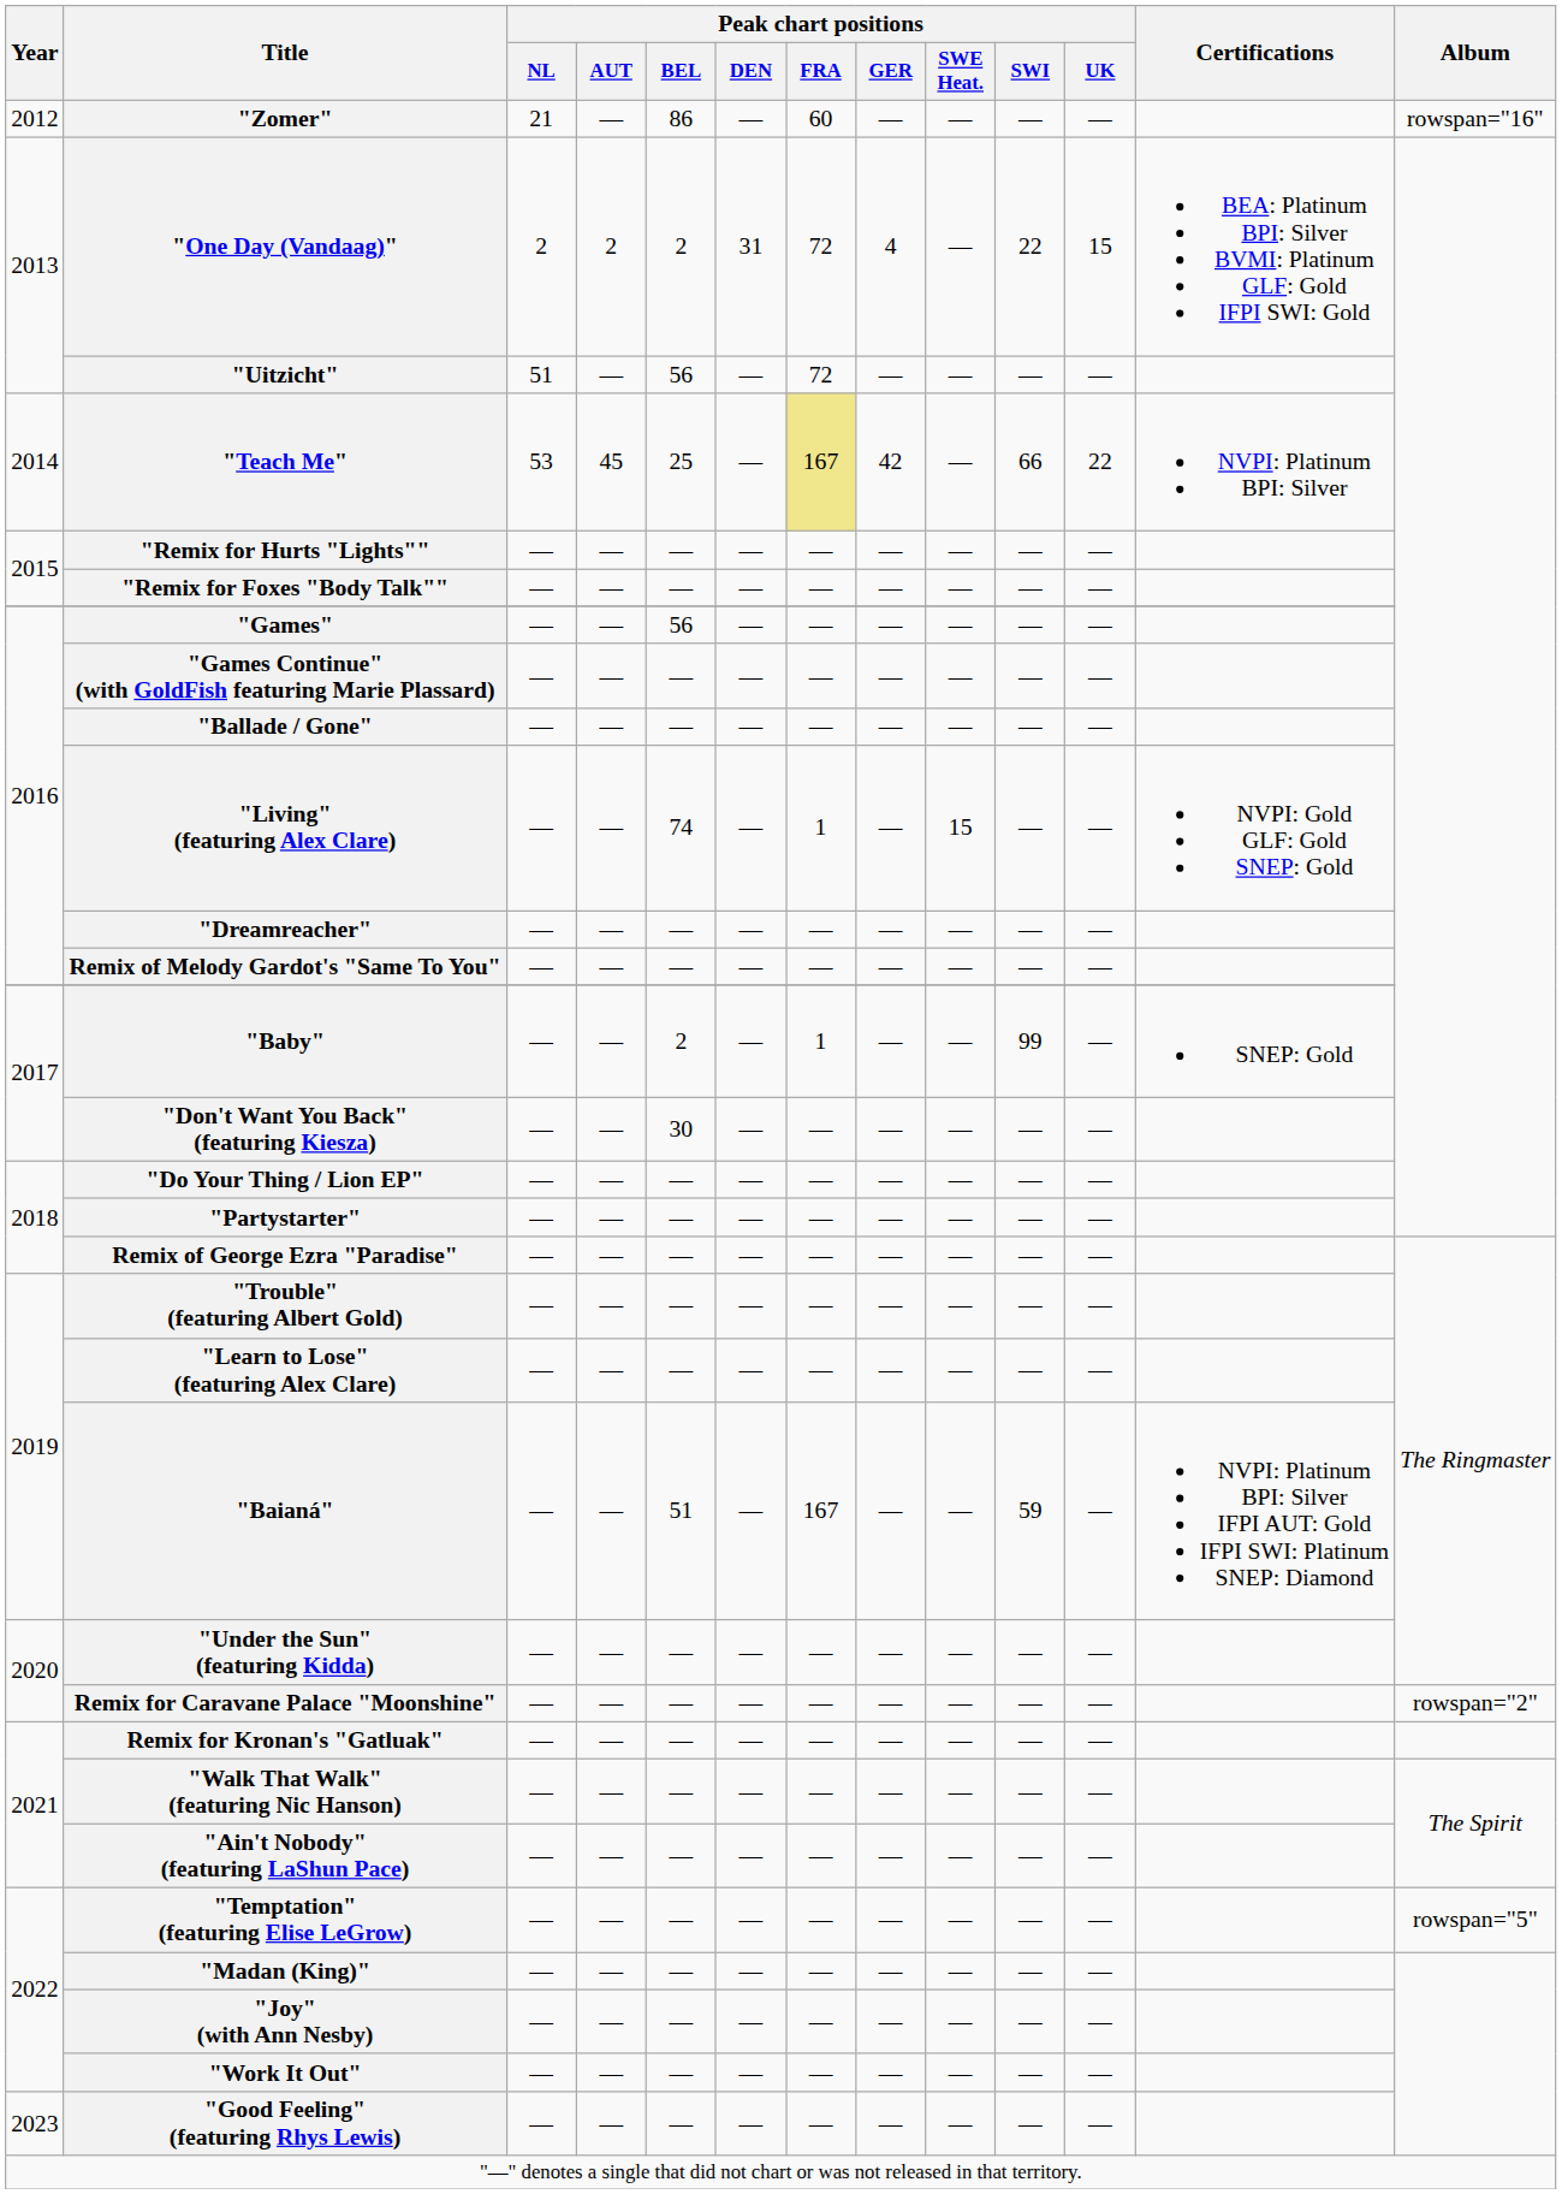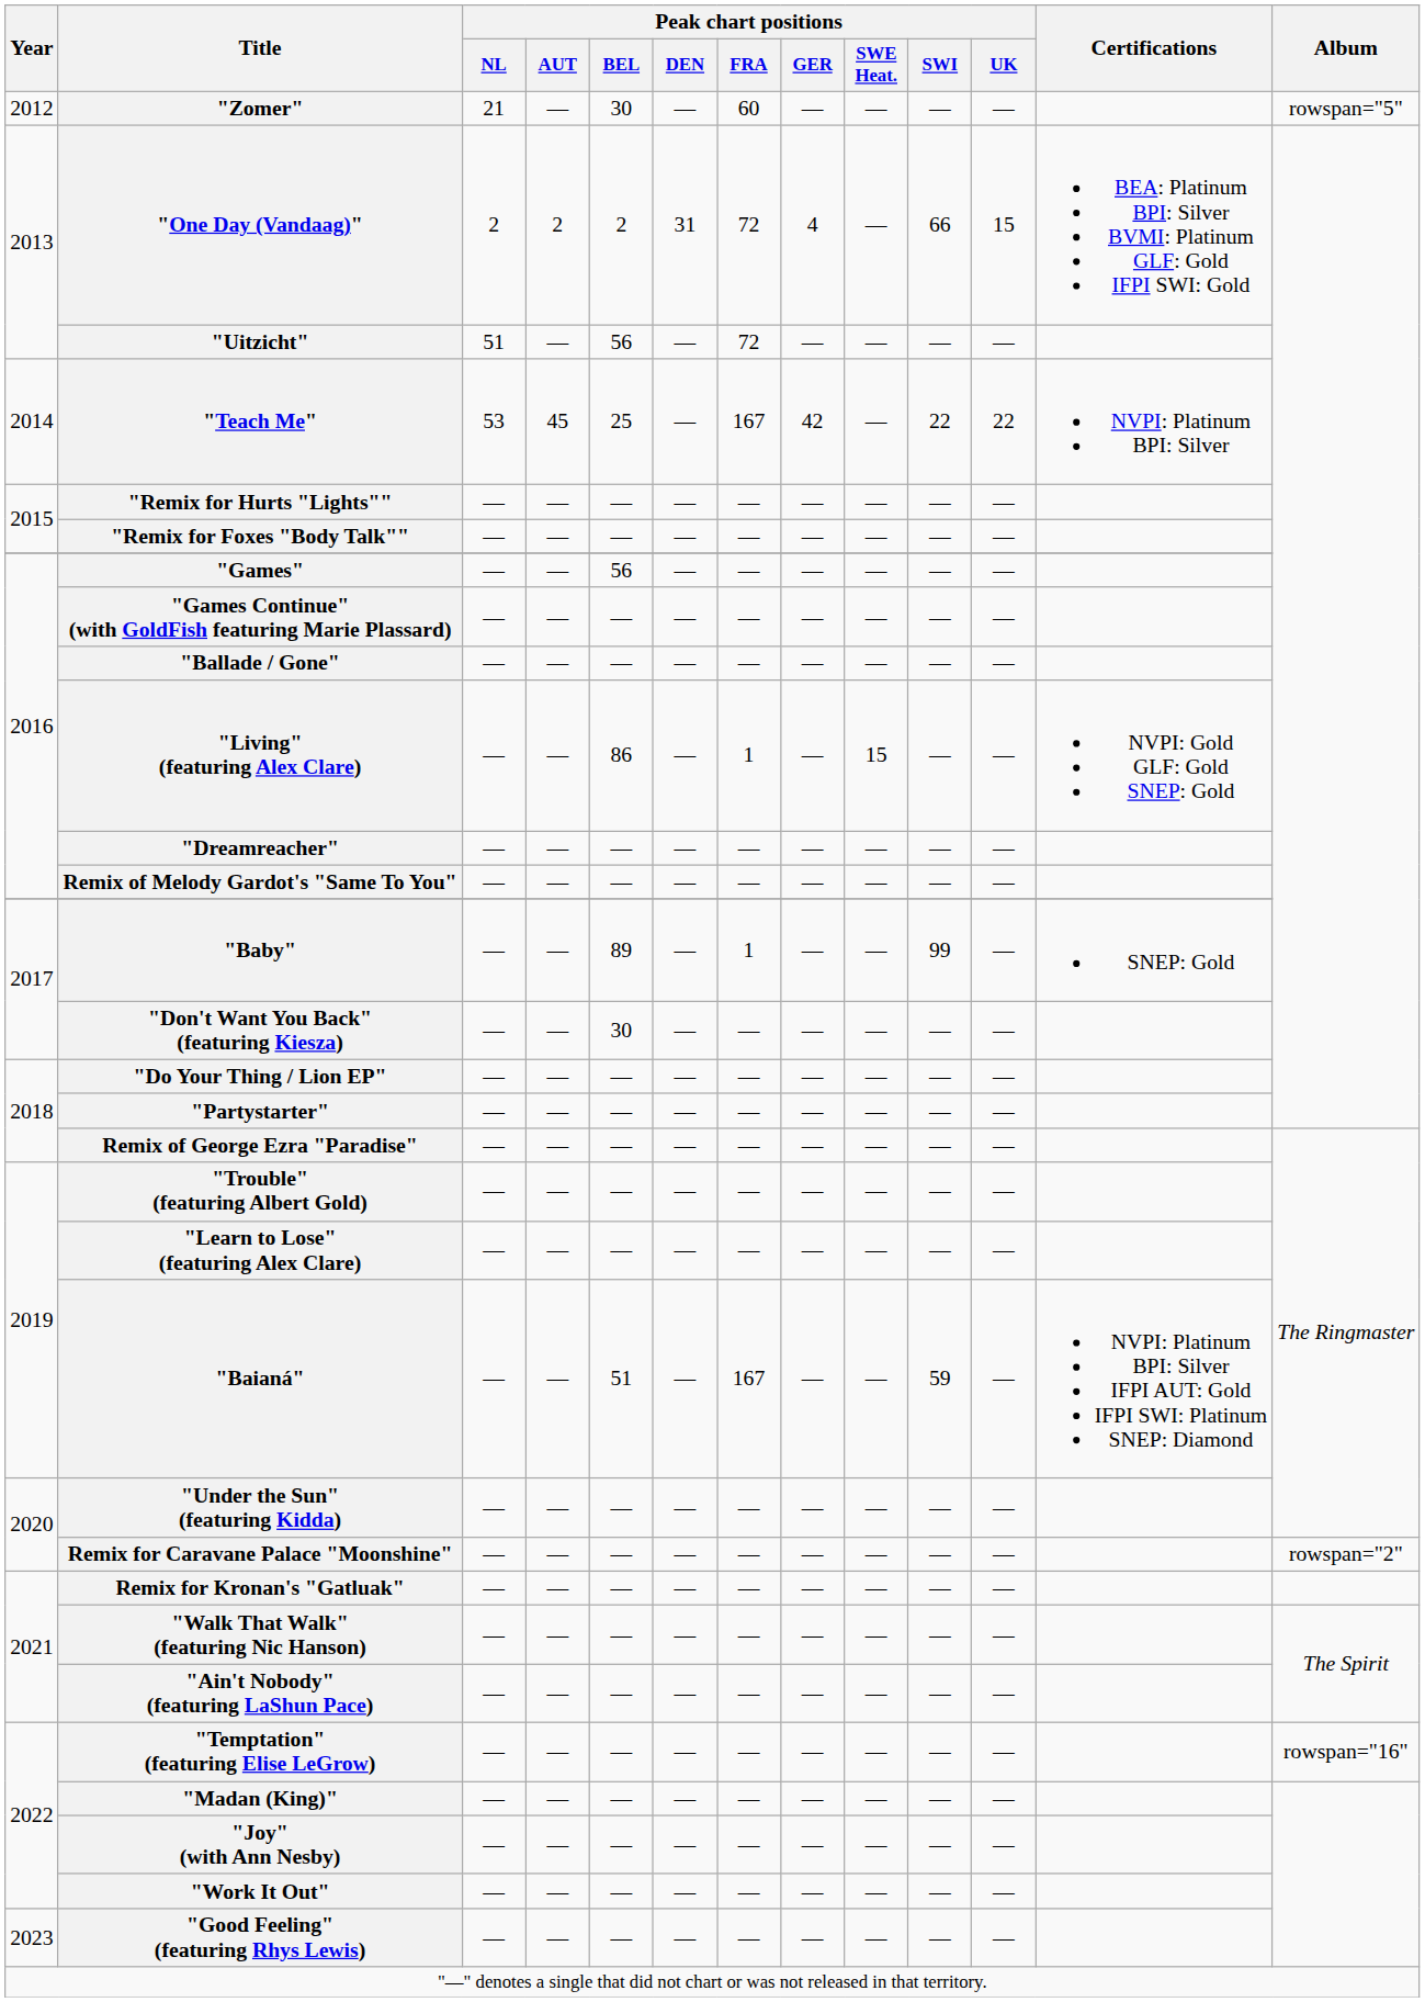 <table class="wikitable plainrowheaders" style="text-align:center;">
 <tr>
 <th scope="col" rowspan="2">Year</th>
 <th scope="col" rowspan="2">Title</th>
 <th scope="col" colspan="9">Peak chart positions</th>
 <th rowspan="2">Certifications</th>
 <th scope="col" rowspan="2">Album</th>
 </tr>
 <tr>
 <th scope="col" style="width:3em;font-size:85%;"><a href='#'>NL</a><br></th>
 <th scope="col" style="width:3em;font-size:85%;"><a href='#'>AUT</a><br></th>
 <th scope="col" style="width:3em;font-size:85%;"><a href='#'>BEL</a><br></th>
 <th scope="col" style="width:3em;font-size:85%;"><a href='#'>DEN</a><br></th>
 <th scope="col" style="width:3em;font-size:85%;"><a href='#'>FRA</a><br></th>
 <th scope="col" style="width:3em;font-size:85%;"><a href='#'>GER</a><br></th>
 <th scope="col" style="width:3em;font-size:85%;"><a href='#'>SWE<br>Heat.</a><br></th>
 <th scope="col" style="width:3em;font-size:85%;"><a href='#'>SWI</a><br></th>
 <th scope="col" style="width:3em;font-size:85%;"><a href='#'>UK</a><br></th>
 </tr>
 <tr>
 <td>2012</td>
 <th scope="row">"Zomer"</th>
 <td>21</td>
 <td>—</td>
-<td>86</td>
+<td>30</td>
 <td>—</td>
 <td>60</td>
 <td>—</td>
 <td>—</td>
 <td>—</td>
 <td>—</td>
 <td></td>
-<td>rowspan="16" </td>
+<td>rowspan="5" </td>
 </tr>
 <tr>
 <td rowspan="2">2013</td>
 <th scope="row">"<a href='#'>One Day (Vandaag)</a>"</th>
 <td>2</td>
 <td>2</td>
 <td>2</td>
 <td>31</td>
 <td>72<br></td>
 <td>4</td>
 <td>—</td>
-<td>22</td>
+<td>66</td>
 <td>15</td>
 <td><br><ul><li><a href='#'>BEA</a>: Platinum</li><li><a href='#'>BPI</a>: Silver</li><li><a href='#'>BVMI</a>: Platinum</li><li><a href='#'>GLF</a>: Gold</li><li><a href='#'>IFPI</a> SWI: Gold</li></ul></td>
 </tr>
 <tr>
 <th scope="row">"Uitzicht"</th>
 <td>51</td>
 <td>—</td>
 <td>56</td>
 <td>—</td>
 <td>72<br></td>
 <td>—</td>
 <td>—</td>
 <td>—</td>
 <td>—</td>
 <td></td>
 </tr>
 <tr>
 <td>2014</td>
 <th scope="row">"<a href='#'>Teach Me</a>"</th>
 <td>53</td>
 <td>45</td>
 <td>25</td>
 <td>—</td>
-<td style="background: khaki;">167</td>
+<td>167</td>
 <td>42</td>
 <td>—</td>
-<td>66</td>
+<td>22</td>
 <td>22</td>
 <td><br><ul><li><a href='#'>NVPI</a>: Platinum</li><li>BPI: Silver</li></ul></td>
 </tr>
 <tr>
 <td rowspan="2">2015</td>
 <th scope="row">"Remix for Hurts "Lights""</th>
 <td>—</td>
 <td>—</td>
 <td>—</td>
 <td>—</td>
 <td>—</td>
 <td>—</td>
 <td>—</td>
 <td>—</td>
 <td>—</td>
 <td></td>
 </tr>
 <tr>
 <th scope="row">"Remix for Foxes "Body Talk""</th>
 <td>—</td>
 <td>—</td>
 <td>—</td>
 <td>—</td>
 <td>—</td>
 <td>—</td>
 <td>—</td>
 <td>—</td>
 <td>—</td>
 <td></td>
 </tr>
 <tr>
 </tr>
 <tr>
 <td rowspan="6">2016</td>
 <th scope="row">"Games"</th>
 <td>—</td>
 <td>—</td>
 <td>56</td>
 <td>—</td>
 <td>—</td>
 <td>—</td>
 <td>—</td>
 <td>—</td>
 <td>—</td>
 <td></td>
 </tr>
 <tr>
 <th scope="row">"Games Continue"<br><span>(with <a href='#'>GoldFish</a> featuring Marie Plassard)</span></th>
 <td>—</td>
 <td>—</td>
 <td>—</td>
 <td>—</td>
 <td>—</td>
 <td>—</td>
 <td>—</td>
 <td>—</td>
 <td>—</td>
 <td></td>
 </tr>
 <tr>
 <th scope="row">"Ballade / Gone"</th>
 <td>—</td>
 <td>—</td>
 <td>—</td>
 <td>—</td>
 <td>—</td>
 <td>—</td>
 <td>—</td>
 <td>—</td>
 <td>—</td>
 <td></td>
 </tr>
 <tr>
 <th scope="row">"Living"<br><span>(featuring <a href='#'>Alex Clare</a>)</span></th>
 <td>—</td>
 <td>—</td>
-<td>74</td>
+<td>86</td>
 <td>—</td>
 <td>1</td>
 <td>—</td>
 <td>15</td>
 <td>—</td>
 <td>—</td>
 <td><br><ul><li>NVPI: Gold</li><li>GLF: Gold</li><li><a href='#'>SNEP</a>: Gold</li></ul></td>
 </tr>
 <tr>
 <th scope="row">"Dreamreacher"</th>
 <td>—</td>
 <td>—</td>
 <td>—</td>
 <td>—</td>
 <td>—</td>
 <td>—</td>
 <td>—</td>
 <td>—</td>
 <td>—</td>
 <td></td>
 </tr>
 <tr>
 <th scope="row">Remix of Melody Gardot's "Same To You"</th>
 <td>—</td>
 <td>—</td>
 <td>—</td>
 <td>—</td>
 <td>—</td>
 <td>—</td>
 <td>—</td>
 <td>—</td>
 <td>—</td>
 <td></td>
 </tr>
 <tr>
 </tr>
 <tr>
 <td rowspan="2">2017</td>
 <th scope="row">"Baby"</th>
 <td>—</td>
 <td>—</td>
-<td>2</td>
+<td>89</td>
 <td>—</td>
 <td>1</td>
 <td>—</td>
 <td>—</td>
 <td>99</td>
 <td>—</td>
 <td><br><ul><li>SNEP: Gold</li></ul></td>
 </tr>
 <tr>
 <th scope="row">"Don't Want You Back"<br><span>(featuring <a href='#'>Kiesza</a>)</span></th>
 <td>—</td>
 <td>—</td>
 <td>30</td>
 <td>—</td>
 <td>—</td>
 <td>—</td>
 <td>—</td>
 <td>—</td>
 <td>—</td>
 <td></td>
 </tr>
 <tr>
 <td rowspan="3">2018</td>
 <th scope="row">"Do Your Thing / Lion EP"</th>
 <td>—</td>
 <td>—</td>
 <td>—</td>
 <td>—</td>
 <td>—</td>
 <td>—</td>
 <td>—</td>
 <td>—</td>
 <td>—</td>
 <td></td>
 </tr>
 <tr>
 <th scope="row">"Partystarter"</th>
 <td>—</td>
 <td>—</td>
 <td>—</td>
 <td>—</td>
 <td>—</td>
 <td>—</td>
 <td>—</td>
 <td>—</td>
 <td>—</td>
 <td></td>
 </tr>
 <tr>
 <th scope="row">Remix of George Ezra "Paradise"</th>
 <td>—</td>
 <td>—</td>
 <td>—</td>
 <td>—</td>
 <td>—</td>
 <td>—</td>
 <td>—</td>
 <td>—</td>
 <td>—</td>
 <td></td>
 <td rowspan="5"><em>The Ringmaster</em></td>
 </tr>
 <tr>
 <td rowspan="3">2019</td>
 <th scope="row">"Trouble"<br><span>(featuring Albert Gold)</span></th>
 <td>—</td>
 <td>—</td>
 <td>—</td>
 <td>—</td>
 <td>—</td>
 <td>—</td>
 <td>—</td>
 <td>—</td>
 <td>—</td>
 <td></td>
 </tr>
 <tr>
 <th scope="row">"Learn to Lose"<br><span>(featuring Alex Clare)</span></th>
 <td>—</td>
 <td>—</td>
 <td>—</td>
 <td>—</td>
 <td>—</td>
 <td>—</td>
 <td>—</td>
 <td>—</td>
 <td>—</td>
 <td></td>
 </tr>
 <tr>
 <th scope="row">"Baianá"</th>
 <td>—</td>
 <td>—</td>
 <td>51</td>
 <td>—</td>
 <td>167</td>
 <td>—</td>
 <td>—</td>
 <td>59</td>
 <td>—</td>
 <td><br><ul><li>NVPI: Platinum</li><li>BPI: Silver</li><li>IFPI AUT: Gold</li><li>IFPI SWI: Platinum</li><li>SNEP: Diamond</li></ul></td>
 </tr>
 <tr>
 <td rowspan="2">2020</td>
 <th scope="row">"Under the Sun"<br><span>(featuring <a href='#'>Kidda</a>)</span></th>
 <td>—</td>
 <td>—</td>
 <td>—</td>
 <td>—</td>
 <td>—</td>
 <td>—</td>
 <td>—</td>
 <td>—</td>
 <td>—</td>
 <td></td>
 </tr>
 <tr>
 <th scope="row">Remix for Caravane Palace "Moonshine"</th>
 <td>—</td>
 <td>—</td>
 <td>—</td>
 <td>—</td>
 <td>—</td>
 <td>—</td>
 <td>—</td>
 <td>—</td>
 <td>—</td>
 <td></td>
 <td>rowspan="2" </td>
 </tr>
 <tr>
 <td rowspan="3">2021</td>
 <th scope="row">Remix for Kronan's "Gatluak"</th>
 <td>—</td>
 <td>—</td>
 <td>—</td>
 <td>—</td>
 <td>—</td>
 <td>—</td>
 <td>—</td>
 <td>—</td>
 <td>—</td>
 <td></td>
 </tr>
 <tr>
 <th scope="row">"Walk That Walk"<br><span>(featuring Nic Hanson)</span></th>
 <td>—</td>
 <td>—</td>
 <td>—</td>
 <td>—</td>
 <td>—</td>
 <td>—</td>
 <td>—</td>
 <td>—</td>
 <td>—</td>
 <td></td>
 <td rowspan="2"><em>The Spirit</em></td>
 </tr>
 <tr>
 <th scope="row">"Ain't Nobody"<br><span>(featuring <a href='#'>LaShun Pace</a>)</span></th>
 <td>—</td>
 <td>—</td>
 <td>—</td>
 <td>—</td>
 <td>—</td>
 <td>—</td>
 <td>—</td>
 <td>—</td>
 <td>—</td>
 <td></td>
 </tr>
 <tr>
 <td rowspan="4">2022</td>
 <th scope="row">"Temptation"<br><span>(featuring <a href='#'>Elise LeGrow</a>)</span></th>
 <td>—</td>
 <td>—</td>
 <td>—</td>
 <td>—</td>
 <td>—</td>
 <td>—</td>
 <td>—</td>
 <td>—</td>
 <td>—</td>
 <td></td>
-<td>rowspan="5" </td>
+<td>rowspan="16" </td>
 </tr>
 <tr>
 <th scope="row">"Madan (King)"</th>
 <td>—</td>
 <td>—</td>
 <td>—</td>
 <td>—</td>
 <td>—</td>
 <td>—</td>
 <td>—</td>
 <td>—</td>
 <td>—</td>
 <td></td>
 </tr>
 <tr>
 <th scope="row">"Joy"<br><span>(with Ann Nesby)</span></th>
 <td>—</td>
 <td>—</td>
 <td>—</td>
 <td>—</td>
 <td>—</td>
 <td>—</td>
 <td>—</td>
 <td>—</td>
 <td>—</td>
 <td></td>
 </tr>
 <tr>
 <th scope="row">"Work It Out"</th>
 <td>—</td>
 <td>—</td>
 <td>—</td>
 <td>—</td>
 <td>—</td>
 <td>—</td>
 <td>—</td>
 <td>—</td>
 <td>—</td>
 <td></td>
 </tr>
 <tr>
 <td>2023</td>
 <th scope="row">"Good Feeling"<br><span>(featuring <a href='#'>Rhys Lewis</a>)</span></th>
 <td>—</td>
 <td>—</td>
 <td>—</td>
 <td>—</td>
 <td>—</td>
 <td>—</td>
 <td>—</td>
 <td>—</td>
 <td>—</td>
 <td></td>
 </tr>
 <tr>
 <td colspan="13" style="font-size:85%">"—" denotes a single that did not chart or was not released in that territory.</td>
 </tr>
 </table>
